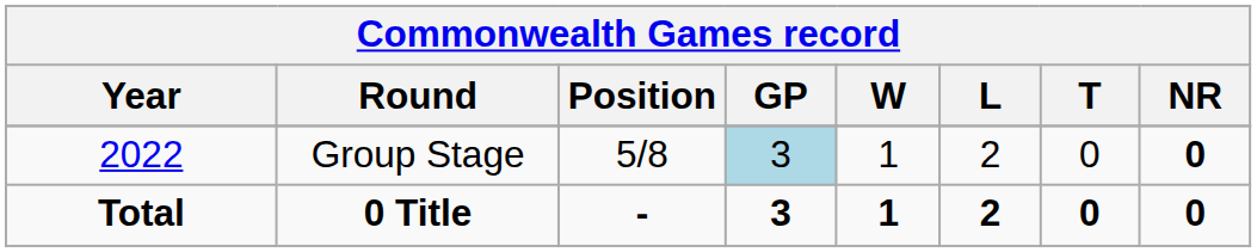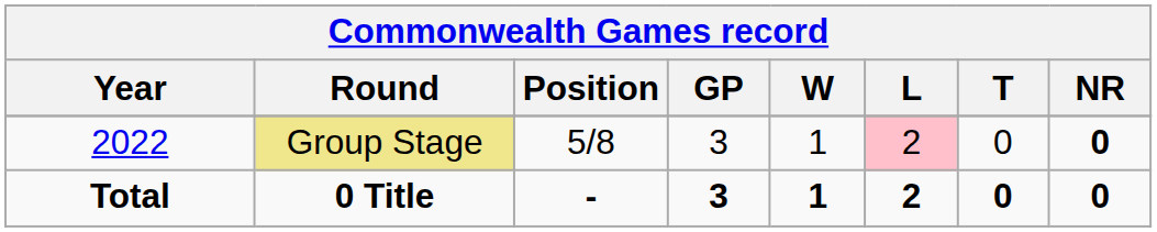 <table class="wikitable" style="text-align: center; width:85%">
 <tr>
 <th colspan=10><a href='#'>Commonwealth Games record</a></th>
 </tr>
 <tr>
 <th width=150>Year</th>
 <th width=150>Round</th>
 <th width=50>Position</th>
 <th width=50>GP</th>
 <th width=50>W</th>
 <th width=50>L</th>
 <th width=50>T</th>
 <th width=50>NR</th>
 </tr>
 <tr>
 </tr>
 <tr>
 <td> <a href='#'>2022</a></td>
-<td>Group Stage</td>
+<td style="background: khaki;">Group Stage</td>
 <td>5/8</td>
-<td style="background: lightblue;">3</td>
+<td>3</td>
 <td>1</td>
-<td>2</td>
+<td style="background: pink;">2</td>
 <td>0</td>
 <td><strong>0</strong></td>
 </tr>
 <tr>
 <td><strong>Total</strong></td>
 <td><strong>0 Title</strong></td>
 <td><strong>-</strong></td>
 <td><strong>3</strong></td>
 <td><strong>1</strong></td>
 <td><strong>2</strong></td>
 <td><strong>0</strong></td>
 <td><strong>0</strong></td>
 </tr>
 </table>
